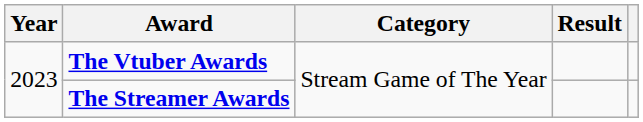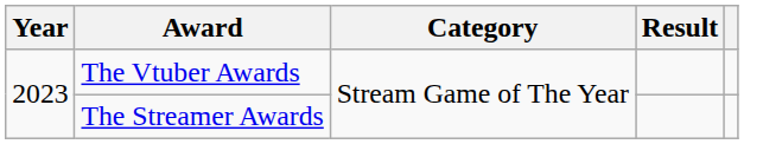 <table class="wikitable sortable">
 <tr>
 <th>Year</th>
 <th>Award</th>
 <th>Category</th>
 <th>Result</th>
 <th></th>
 </tr>
 <tr>
 <td rowspan="2" align="center">2023</td>
-<td><strong><a href='#'>The Vtuber Awards</a></strong></td>
+<td><a href='#'>The Vtuber Awards</a></td>
 <td rowspan="2">Stream Game of The Year</td>
 <td></td>
 <td align="center"></td>
 </tr>
 <tr>
-<td><strong><a href='#'>The Streamer Awards</a></strong></td>
+<td><a href='#'>The Streamer Awards</a></td>
 <td></td>
 <td align="center"></td>
 </tr>
 </table>
